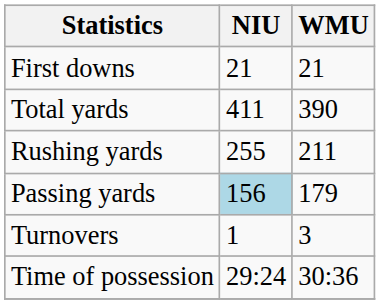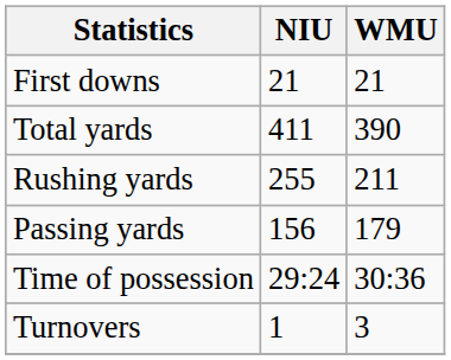 <table class="wikitable" style="float: left;">
 <tr>
 <th>Statistics</th>
 <th>NIU</th>
 <th>WMU</th>
 </tr>
 <tr>
 <td>First downs</td>
 <td>21</td>
 <td>21</td>
 </tr>
 <tr>
 <td>Total yards</td>
 <td>411</td>
 <td>390</td>
 </tr>
 <tr>
 <td>Rushing yards</td>
 <td>255</td>
 <td>211</td>
 </tr>
 <tr>
 <td>Passing yards</td>
-<td style="background: lightblue;">156</td>
+<td>156</td>
 <td>179</td>
+</tr>
+<tr>
+<td>Time of possession</td>
+<td>29:24</td>
+<td>30:36</td>
 </tr>
 <tr>
 <td>Turnovers</td>
 <td>1</td>
 <td>3</td>
 </tr>
 <tr>
-<td>Time of possession</td>
-<td>29:24</td>
-<td>30:36</td>
-</tr>
-<tr>
 </tr>
 </table>
